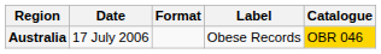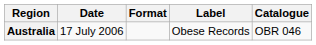 <table class="wikitable plainrowheaders">
 <tr>
 <th scope="col">Region</th>
 <th scope="col">Date</th>
 <th scope="col">Format</th>
 <th scope="col">Label</th>
 <th scope="col">Catalogue</th>
 </tr>
 <tr>
 <th scope="row" rowspan="2">Australia</th>
 <td>17 July 2006</td>
 <td></td>
 <td>Obese Records</td>
-<td style="background: gold;">OBR 046</td>
+<td>OBR 046</td>
 </tr>
 </table>
